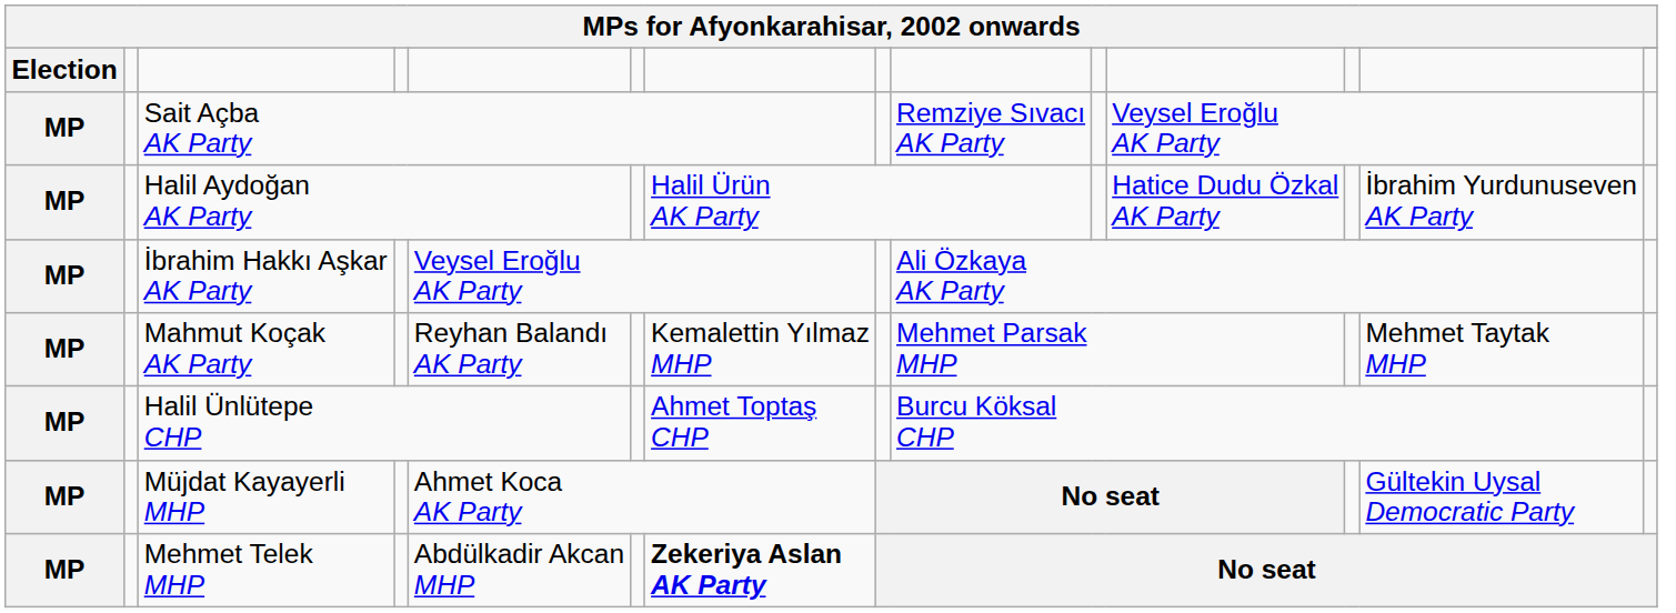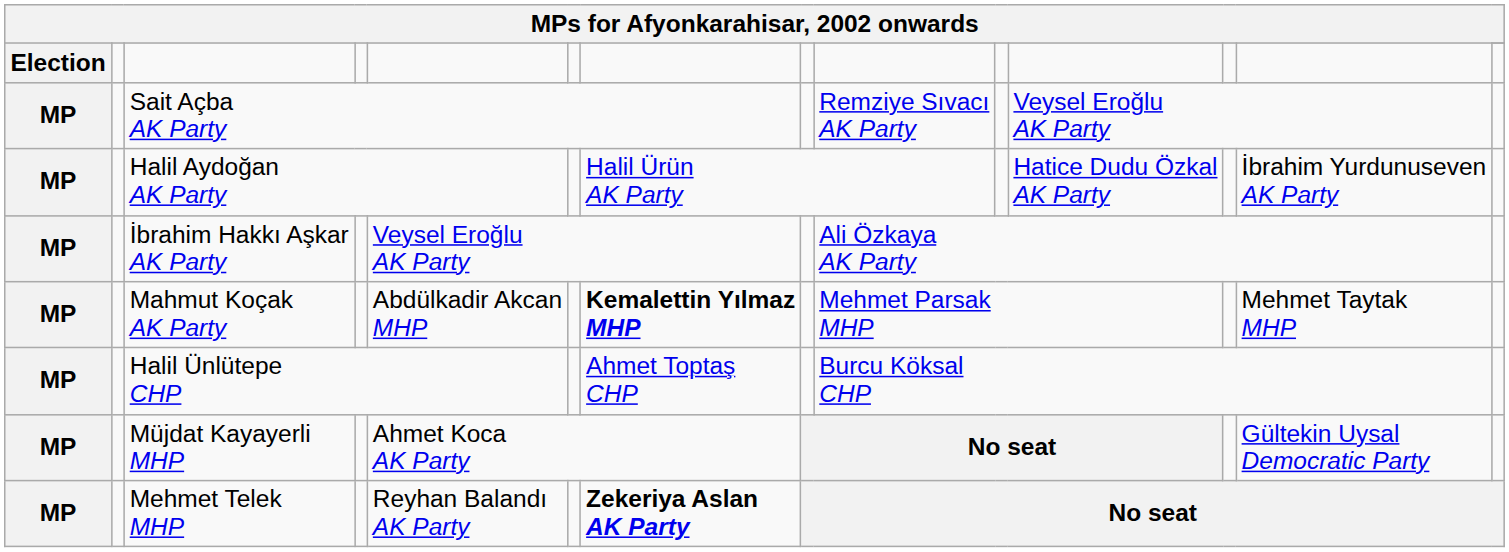 <table class="wikitable">
 <tr>
 <th colspan = 14>MPs for Afyonkarahisar, 2002 onwards</th>
 </tr>
 <tr>
 <th rowspan = 2>Election</th>
 <td rowspan="2" style="width:1px;"></td>
 <td rowspan = 2></td>
 <td rowspan="2" style="width:1px;"></td>
 <td rowspan = 2></td>
 <td rowspan="2" style="width:1px;"></td>
 <td rowspan = 2></td>
 <td rowspan="2" style="width:1px;"></td>
 <td rowspan = 2></td>
 <td rowspan="2" style="width:1px;"></td>
 <td rowspan = 2></td>
 <td rowspan="2" style="width:1px;"></td>
 <td rowspan = 2></td>
 </tr>
 <tr>
 <td></td>
 </tr>
 <tr>
 <th>MP</th>
 <td width=1px style="background-color: "></td>
 <td colspan = 5>Sait Açba<br><em><a href='#'>AK Party</a></em></td>
 <td width=1px style="background-color: "></td>
 <td colspan = 1><a href='#'>Remziye Sıvacı</a><br><em><a href='#'>AK Party</a></em></td>
 <td width=1px style="background-color: "></td>
 <td colspan = 3><a href='#'>Veysel Eroğlu</a><br><em><a href='#'>AK Party</a></em></td>
 <td width=1px style="background-color: "></td>
 </tr>
 <tr>
 <th>MP</th>
 <td width=1px style="background-color: "></td>
 <td colspan = 3>Halil Aydoğan<br><em><a href='#'>AK Party</a></em></td>
 <td width=1px style="background-color: "></td>
 <td colspan = 3><a href='#'>Halil Ürün</a><br><em><a href='#'>AK Party</a></em></td>
 <td width=1px style="background-color: "></td>
 <td colspan = 1><a href='#'>Hatice Dudu Özkal</a><br><em><a href='#'>AK Party</a></em></td>
 <td width=1px style="background-color: "></td>
 <td colspan = 1>İbrahim Yurdunuseven<br><em><a href='#'>AK Party</a></em></td>
 <td width=1px style="background-color: "></td>
 </tr>
 <tr>
 <th>MP</th>
 <td width=1px style="background-color: "></td>
 <td colspan = 1>İbrahim Hakkı Aşkar<br><em><a href='#'>AK Party</a></em></td>
 <td width=1px style="background-color: "></td>
 <td colspan = 3><a href='#'>Veysel Eroğlu</a><br><em><a href='#'>AK Party</a></em></td>
 <td width=1px style="background-color: "></td>
 <td colspan = 5><a href='#'>Ali Özkaya</a><br><em><a href='#'>AK Party</a></em></td>
 <td width=1px style="background-color: "></td>
 </tr>
 <tr>
 <th>MP</th>
 <td width=1px style="background-color: "></td>
 <td colspan = 1>Mahmut Koçak<br><em><a href='#'>AK Party</a></em></td>
 <td width=1px style="background-color: "></td>
-<td colspan = 1>Reyhan Balandı<br><em><a href='#'>AK Party</a></em></td>
+<td colspan = 1>Abdülkadir Akcan<br><em><a href='#'>MHP</a></em></td>
 <td width=1px style="background-color: "></td>
-<td colspan = 1>Kemalettin Yılmaz<br><em><a href='#'>MHP</a></em></td>
+<td colspan = 1><strong>Kemalettin Yılmaz<br><em><a href='#'>MHP</a></em></strong></td>
 <td width=1px style="background-color: "></td>
 <td colspan = 3><a href='#'>Mehmet Parsak</a><br><em><a href='#'>MHP</a></em></td>
 <td width=1px style="background-color: "></td>
 <td colspan = 1>Mehmet Taytak<br><em><a href='#'>MHP</a></em></td>
 <td width=1px style="background-color: "></td>
 </tr>
 <tr>
 <th>MP</th>
 <td width=1px style="background-color: "></td>
 <td colspan = 3>Halil Ünlütepe<br><em><a href='#'>CHP</a></em></td>
 <td width=1px style="background-color: "></td>
 <td colspan = 1><a href='#'>Ahmet Toptaş</a><br><em><a href='#'>CHP</a></em></td>
 <td width=1px style="background-color: "></td>
 <td colspan = 5><a href='#'>Burcu Köksal</a><br><em><a href='#'>CHP</a></em></td>
 <td width=1px style="background-color: "></td>
 </tr>
 <tr>
 <th>MP</th>
 <td width=1px style="background-color: "></td>
 <td colspan = 1>Müjdat Kayayerli<br><em><a href='#'>MHP</a></em></td>
 <td width=1px style="background-color: "></td>
 <td colspan = 3>Ahmet Koca<br><em><a href='#'>AK Party</a></em></td>
 <th colspan = 4>No seat</th>
 <td width=1px style="background-color: "></td>
 <td colspan = 1><a href='#'>Gültekin Uysal</a><br><em><a href='#'>Democratic Party</a></em></td>
 <td width=1px style="background-color: "></td>
 </tr>
 <tr>
 <th>MP</th>
 <td width=1px style="background-color: "></td>
 <td colspan = 1>Mehmet Telek<br><em><a href='#'>MHP</a></em></td>
 <td width=1px style="background-color: "></td>
-<td colspan = 1>Abdülkadir Akcan<br><em><a href='#'>MHP</a></em></td>
+<td colspan = 1>Reyhan Balandı<br><em><a href='#'>AK Party</a></em></td>
 <td width=1px style="background-color: "></td>
 <td colspan = 1><strong>Zekeriya Aslan<br><em><a href='#'>AK Party</a></em></strong></td>
 <th colspan = 7>No seat</th>
 </tr>
 </table>
